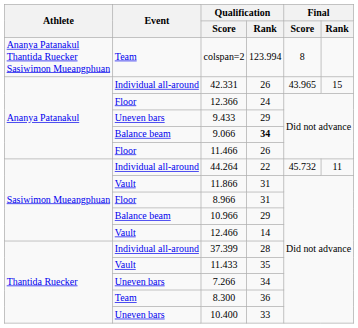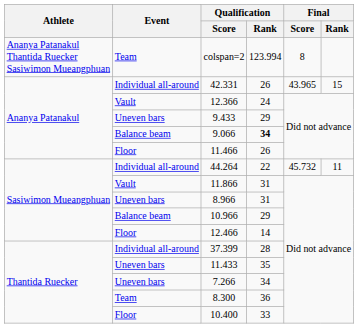 <table class="wikitable" style="text-align:center; font-size:90%">
 <tr>
 <th rowspan="2">Athlete</th>
 <th rowspan="2">Event</th>
 <th colspan="2">Qualification</th>
 <th colspan="2">Final</th>
 </tr>
 <tr>
 <th>Score</th>
 <th>Rank</th>
 <th>Score</th>
 <th>Rank</th>
 </tr>
 <tr>
 <td align="left"><a href='#'>Ananya Patanakul</a><br><a href='#'>Thantida Ruecker</a><br><a href='#'>Sasiwimon Mueangphuan</a></td>
 <td align="left"><a href='#'>Team</a></td>
 <td>colspan=2 </td>
 <td>123.994</td>
 <td>8</td>
 </tr>
 <tr>
 <td align="left" rowspan=5><a href='#'>Ananya Patanakul</a></td>
 <td align="left"><a href='#'>Individual all-around</a></td>
 <td>42.331</td>
 <td>26 <strong></strong></td>
 <td>43.965</td>
 <td>15</td>
 </tr>
 <tr>
-<td align="left"><a href='#'>Floor</a></td>
+<td align="left"><a href='#'>Vault</a></td>
 <td>12.366</td>
 <td>24</td>
 <td rowspan=4 colspan=2>Did not advance</td>
 </tr>
 <tr>
 <td align="left"><a href='#'>Uneven bars</a></td>
 <td>9.433</td>
 <td>29</td>
 </tr>
 <tr>
 <td align="left"><a href='#'>Balance beam</a></td>
 <td>9.066</td>
 <td><strong>34</strong></td>
 </tr>
 <tr>
 <td align="left"><a href='#'>Floor</a></td>
 <td>11.466</td>
 <td>26</td>
 </tr>
 <tr>
 <td align="left" rowspan=5><a href='#'>Sasiwimon Mueangphuan</a></td>
 <td align="left"><a href='#'>Individual all-around</a></td>
 <td>44.264</td>
 <td>22 <strong></strong></td>
 <td>45.732</td>
 <td>11</td>
 </tr>
 <tr>
 <td align="left"><a href='#'>Vault</a></td>
 <td>11.866</td>
 <td>31</td>
 <td rowspan=9 colspan=2>Did not advance</td>
 </tr>
 <tr>
-<td align="left"><a href='#'>Floor</a></td>
+<td align="left"><a href='#'>Uneven bars</a></td>
 <td>8.966</td>
 <td>31</td>
 </tr>
 <tr>
 <td align="left"><a href='#'>Balance beam</a></td>
 <td>10.966</td>
 <td>29</td>
 </tr>
 <tr>
-<td align="left"><a href='#'>Vault</a></td>
+<td align="left"><a href='#'>Floor</a></td>
 <td>12.466</td>
 <td>14</td>
 </tr>
 <tr>
 <td align="left" rowspan=5><a href='#'>Thantida Ruecker</a></td>
 <td align="left"><a href='#'>Individual all-around</a></td>
 <td>37.399</td>
 <td>28</td>
 </tr>
 <tr>
-<td align="left"><a href='#'>Vault</a></td>
+<td align="left"><a href='#'>Uneven bars</a></td>
 <td>11.433</td>
 <td>35</td>
 </tr>
 <tr>
 <td align="left"><a href='#'>Uneven bars</a></td>
 <td>7.266</td>
 <td>34</td>
 </tr>
 <tr>
 <td align="left"><a href='#'>Team</a></td>
 <td>8.300</td>
 <td>36</td>
 </tr>
 <tr>
-<td align="left"><a href='#'>Uneven bars</a></td>
+<td align="left"><a href='#'>Floor</a></td>
 <td>10.400</td>
 <td>33</td>
 </tr>
 </table>
